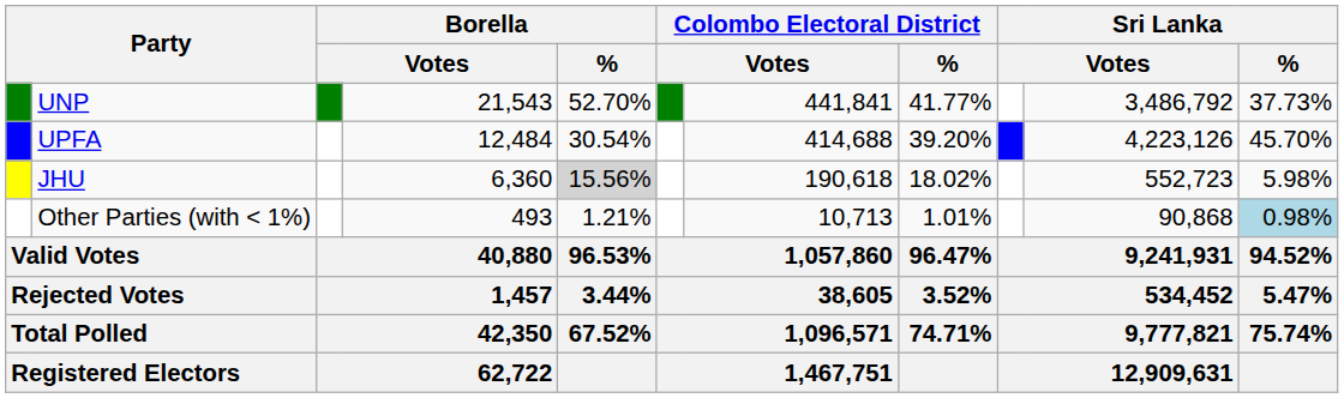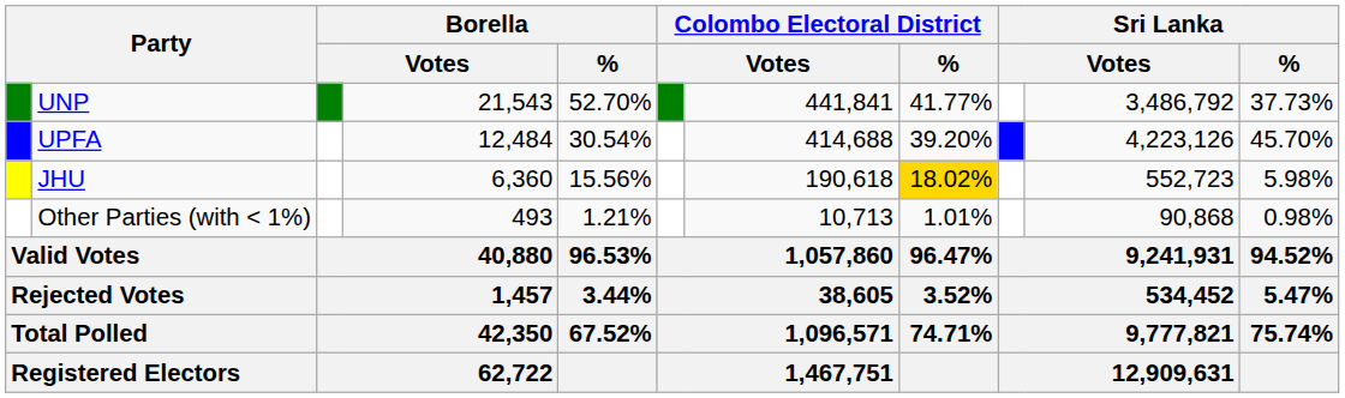 <table class="wikitable">
 <tr>
 <th colspan="2" width="144px"rowspan="2">Party</th>
 <th colspan="3" width="216px">Borella</th>
 <th colspan="3" width="216px"><a href='#'>Colombo Electoral District</a></th>
 <th colspan="3" width="216px">Sri Lanka</th>
 </tr>
 <tr>
 <th colspan="2" width="144px">Votes</th>
 <th>%</th>
 <th colspan="2" width="144px">Votes</th>
 <th>%</th>
 <th colspan="2" width="144px">Votes</th>
 <th>%</th>
 </tr>
 <tr>
 <td style="background-color:green;" width="10px"></td>
 <td style="text-align:left;"><a href='#'>UNP</a></td>
 <td style="background-color:green;" width="10px"></td>
 <td style="text-align:right;">21,543</td>
 <td style="text-align:right;">52.70%</td>
 <td style="background-color:green;" width="10px"></td>
 <td style="text-align:right;">441,841</td>
 <td style="text-align:right;">41.77%</td>
 <td style="background-color:white;" width="10px"></td>
 <td style="text-align:right;">3,486,792</td>
 <td style="text-align:right;">37.73%</td>
 </tr>
 <tr>
 <td style="background-color:blue;" width="10px"></td>
 <td style="text-align:left;"><a href='#'>UPFA</a></td>
 <td style="background-color:white;" width="10px"></td>
 <td style="text-align:right;">12,484</td>
 <td style="text-align:right;">30.54%</td>
 <td style="background-color:white;" width="10px"></td>
 <td style="text-align:right;">414,688</td>
 <td style="text-align:right;">39.20%</td>
 <td style="background-color:blue;" width="10px"></td>
 <td style="text-align:right;">4,223,126</td>
 <td style="text-align:right;">45.70%</td>
 </tr>
 <tr>
 <td style="background-color:yellow;" width="10px"></td>
 <td style="text-align:left;"><a href='#'>JHU</a></td>
 <td style="background-color:white;" width="10px"></td>
 <td style="text-align:right;">6,360</td>
-<td style="background: lightgrey; text-align:right;">15.56%</td>
+<td style="text-align:right;">15.56%</td>
 <td style="background-color:white;" width="10px"></td>
 <td style="text-align:right;">190,618</td>
-<td style="text-align:right;">18.02%</td>
+<td style="background: gold; text-align:right;">18.02%</td>
 <td style="background-color:white;" width="10px"></td>
 <td style="text-align:right;">552,723</td>
 <td style="text-align:right;">5.98%</td>
 </tr>
 <tr>
 <td style="background-color:white;" width="10px"></td>
 <td style="text-align:left;">Other Parties (with < 1%)</td>
 <td style="background-color:white;" width="10px"></td>
 <td style="text-align:right;">493</td>
 <td style="text-align:right;">1.21%</td>
 <td style="background-color:white;" width="10px"></td>
 <td style="text-align:right;">10,713</td>
 <td style="text-align:right;">1.01%</td>
 <td style="background-color:white;" width="10px"></td>
 <td style="text-align:right;">90,868</td>
-<td style="background: lightblue; text-align:right;">0.98%</td>
+<td style="text-align:right;">0.98%</td>
 </tr>
 <tr>
 <th colspan="2" width="144px"style="text-align:left;">Valid Votes</th>
 <th style="text-align:right;"colspan="2" width="144px">40,880</th>
 <th style="text-align:right;">96.53%</th>
 <th style="text-align:right;"colspan="2" width="144px">1,057,860</th>
 <th style="text-align:right;">96.47%</th>
 <th style="text-align:right;"colspan="2" width="144px">9,241,931</th>
 <th style="text-align:right;">94.52%</th>
 </tr>
 <tr>
 <th colspan="2" width="144px"style="text-align:left;">Rejected Votes</th>
 <th style="text-align:right;"colspan="2" width="144px">1,457</th>
 <th style="text-align:right;">3.44%</th>
 <th style="text-align:right;"colspan="2" width="144px">38,605</th>
 <th style="text-align:right;">3.52%</th>
 <th style="text-align:right;"colspan="2" width="144px">534,452</th>
 <th style="text-align:right;">5.47%</th>
 </tr>
 <tr>
 <th colspan="2" width="144px"style="text-align:left;">Total Polled</th>
 <th style="text-align:right;"colspan="2" width="144px">42,350</th>
 <th style="text-align:right;">67.52%</th>
 <th style="text-align:right;"colspan="2" width="144px">1,096,571</th>
 <th style="text-align:right;">74.71%</th>
 <th style="text-align:right;"colspan="2" width="144px">9,777,821</th>
 <th style="text-align:right;">75.74%</th>
 </tr>
 <tr>
 <th colspan="2" width="144px"style="text-align:left;">Registered Electors</th>
 <th style="text-align:right;"colspan="2" width="144px">62,722</th>
 <th></th>
 <th style="text-align:right;"colspan="2" width="144px">1,467,751</th>
 <th></th>
 <th style="text-align:right;"colspan="2" width="144px">12,909,631</th>
 <th></th>
 </tr>
 </table>
